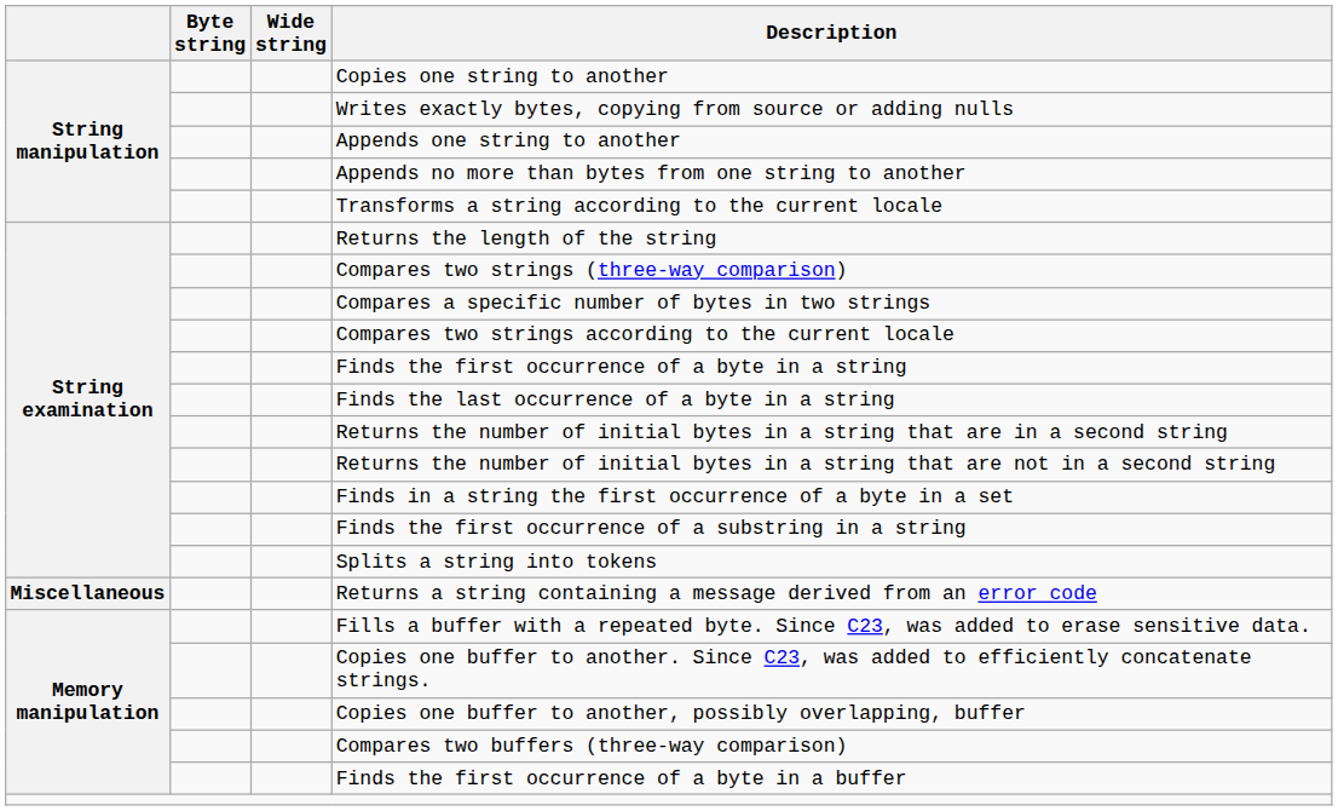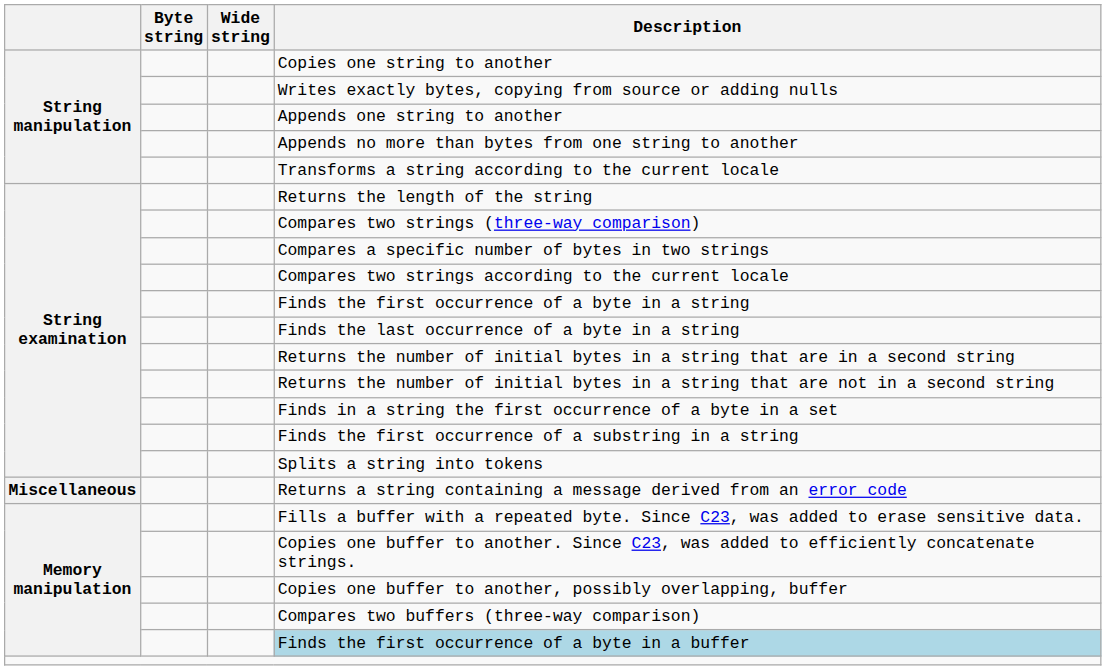 <table class="wikitable">
 <tr>
 <th></th>
 <th>Byte<br>string</th>
 <th>Wide<br>string</th>
 <th>Description</th>
 </tr>
 <tr>
 <th rowspan=5>String<br>manipulation</th>
 <td></td>
 <td></td>
 <td>Copies one string to another</td>
 </tr>
 <tr>
 <td></td>
 <td></td>
 <td>Writes exactly  bytes, copying from source or adding nulls</td>
 </tr>
 <tr>
 <td></td>
 <td></td>
 <td>Appends one string to another</td>
 </tr>
 <tr>
 <td></td>
 <td></td>
 <td>Appends no more than  bytes from one string to another</td>
 </tr>
 <tr>
 <td></td>
 <td></td>
 <td>Transforms a string according to the current locale</td>
 </tr>
 <tr>
 <th rowspan=11>String<br> examination</th>
 <td></td>
 <td></td>
 <td>Returns the length of the string</td>
 </tr>
 <tr>
 <td></td>
 <td></td>
 <td>Compares two strings (<a href='#'>three-way comparison</a>)</td>
 </tr>
 <tr>
 <td></td>
 <td></td>
 <td>Compares a specific number of bytes in two strings</td>
 </tr>
 <tr>
 <td></td>
 <td></td>
 <td>Compares two strings according to the current locale</td>
 </tr>
 <tr>
 <td></td>
 <td></td>
 <td>Finds the first occurrence of a byte in a string</td>
 </tr>
 <tr>
 <td></td>
 <td></td>
 <td>Finds the last occurrence of a byte in a string</td>
 </tr>
 <tr>
 <td></td>
 <td></td>
 <td>Returns the number of initial bytes in a string that are in a second string</td>
 </tr>
 <tr>
 <td></td>
 <td></td>
 <td>Returns the number of initial bytes in a string that are not in a second string</td>
 </tr>
 <tr>
 <td></td>
 <td></td>
 <td>Finds in a string the first occurrence of a byte in a set</td>
 </tr>
 <tr>
 <td></td>
 <td></td>
 <td>Finds the first occurrence of a substring in a string</td>
 </tr>
 <tr>
 <td></td>
 <td></td>
 <td>Splits a string into tokens</td>
 </tr>
 <tr>
 <th>Miscellaneous</th>
 <td></td>
 <td></td>
 <td>Returns a string containing a message derived from an <a href='#'>error code</a></td>
 </tr>
 <tr>
 <th rowspan=5>Memory<br>manipulation</th>
 <td></td>
 <td></td>
 <td>Fills a buffer with a repeated byte.  Since <a href='#'>C23</a>,  was added to erase sensitive data.</td>
 </tr>
 <tr>
 <td></td>
 <td></td>
 <td>Copies one buffer to another.  Since <a href='#'>C23</a>,  was added to efficiently concatenate strings.</td>
 </tr>
 <tr>
 <td></td>
 <td></td>
 <td>Copies one buffer to another, possibly overlapping, buffer</td>
 </tr>
 <tr>
 <td></td>
 <td></td>
 <td>Compares two buffers (three-way comparison)</td>
 </tr>
 <tr>
 <td></td>
 <td></td>
-<td>Finds the first occurrence of a byte in a buffer</td>
+<td style="background: lightblue;">Finds the first occurrence of a byte in a buffer</td>
 </tr>
 <tr>
 <td colspan=4></td>
 </tr>
 </table>
